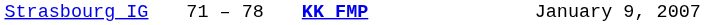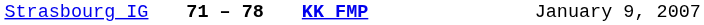 <table style="text-align:center">
 <tr>
 <th width=160></th>
 <th width=100></th>
 <th width=160></th>
 <th width=200></th>
 </tr>
 <tr>
 <td align=right><a href='#'>Strasbourg IG</a> </td>
-<td>71 – 78</td>
+<td><strong>71 – 78</strong></td>
 <td align=left> <strong><a href='#'>KK FMP</a></strong></td>
 <td align=left>January 9, 2007</td>
 </tr>
 </table>
